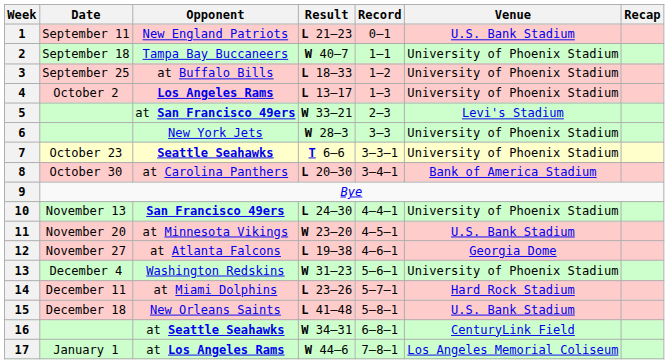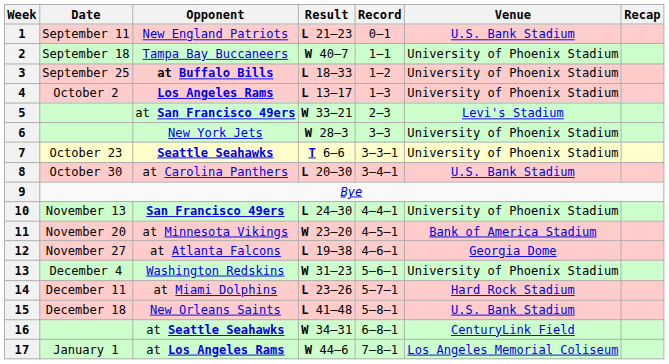 <table class="wikitable" style="text-align:center">
 <tr>
 <th>Week</th>
 <th>Date</th>
 <th>Opponent</th>
 <th>Result</th>
 <th>Record</th>
 <th>Venue</th>
 <th>Recap</th>
 </tr>
 <tr style="background:#fcc">
 <th>1</th>
 <td>September 11</td>
 <td><a href='#'>New England Patriots</a></td>
 <td><strong>L</strong> 21–23</td>
 <td>0–1</td>
 <td><a href='#'>U.S. Bank Stadium</a></td>
 <td></td>
 </tr>
 <tr style="background:#cfc">
 <th>2</th>
 <td>September 18</td>
 <td><a href='#'>Tampa Bay Buccaneers</a></td>
 <td><strong>W</strong> 40–7</td>
 <td>1–1</td>
 <td>University of Phoenix Stadium</td>
 <td></td>
 </tr>
 <tr style="background:#fcc">
 <th>3</th>
 <td>September 25</td>
-<td>at <a href='#'>Buffalo Bills</a></td>
+<td><strong>at <a href='#'>Buffalo Bills</a></strong></td>
 <td><strong>L</strong> 18–33</td>
 <td>1–2</td>
 <td>University of Phoenix Stadium</td>
 <td></td>
 </tr>
 <tr style="background:#fcc">
 <th>4</th>
 <td>October 2</td>
 <td><strong><a href='#'>Los Angeles Rams</a></strong></td>
 <td><strong>L</strong> 13–17</td>
 <td>1–3</td>
 <td>University of Phoenix Stadium</td>
 <td></td>
 </tr>
 <tr style="background:#cfc">
 <th>5</th>
 <td></td>
 <td>at <strong><a href='#'>San Francisco 49ers</a></strong></td>
 <td><strong>W</strong> 33–21</td>
 <td>2–3</td>
 <td><a href='#'>Levi's Stadium</a></td>
 <td></td>
 </tr>
 <tr style="background:#cfc">
 <th>6</th>
 <td></td>
 <td><a href='#'>New York Jets</a></td>
 <td><strong>W</strong> 28–3</td>
 <td>3–3</td>
 <td>University of Phoenix Stadium</td>
 <td></td>
 </tr>
 <tr style="background:#ffc">
 <th>7</th>
 <td>October 23</td>
 <td><strong><a href='#'>Seattle Seahawks</a></strong></td>
 <td><strong><a href='#'>T</a></strong> 6–6 </td>
 <td>3–3–1</td>
 <td>University of Phoenix Stadium</td>
 <td></td>
 </tr>
 <tr style="background:#fcc">
 <th>8</th>
 <td>October 30</td>
 <td>at <a href='#'>Carolina Panthers</a></td>
 <td><strong>L</strong> 20–30</td>
 <td>3–4–1</td>
-<td><a href='#'>Bank of America Stadium</a></td>
+<td><a href='#'>U.S. Bank Stadium</a></td>
 <td></td>
 </tr>
 <tr>
 <th>9</th>
 <td colspan=6><em><a href='#'>Bye</a></em></td>
 </tr>
 <tr style="background:#cfc">
 <th>10</th>
 <td>November 13</td>
 <td><strong><a href='#'>San Francisco 49ers</a></strong></td>
 <td><strong>L</strong> 24–30</td>
 <td>4–4–1</td>
 <td>University of Phoenix Stadium</td>
 <td></td>
 </tr>
 <tr style="background:#fcc">
 <th>11</th>
 <td>November 20</td>
 <td>at <a href='#'>Minnesota Vikings</a></td>
 <td><strong>W</strong> 23–20</td>
 <td>4–5–1</td>
-<td><a href='#'>U.S. Bank Stadium</a></td>
+<td><a href='#'>Bank of America Stadium</a></td>
 <td></td>
 </tr>
 <tr style="background:#fcc">
 <th>12</th>
 <td>November 27</td>
 <td>at <a href='#'>Atlanta Falcons</a></td>
 <td><strong>L</strong> 19–38</td>
 <td>4–6–1</td>
 <td><a href='#'>Georgia Dome</a></td>
 <td></td>
 </tr>
 <tr style="background:#cfc">
 <th>13</th>
 <td>December 4</td>
 <td><a href='#'>Washington Redskins</a></td>
 <td><strong>W</strong> 31–23</td>
 <td>5–6–1</td>
 <td>University of Phoenix Stadium</td>
 <td></td>
 </tr>
 <tr style="background:#fcc">
 <th>14</th>
 <td>December 11</td>
 <td>at <a href='#'>Miami Dolphins</a></td>
 <td><strong>L</strong> 23–26</td>
 <td>5–7–1</td>
 <td><a href='#'>Hard Rock Stadium</a></td>
 <td></td>
 </tr>
 <tr style="background:#fcc">
 <th>15</th>
 <td>December 18</td>
 <td><a href='#'>New Orleans Saints</a></td>
 <td><strong>L</strong> 41–48</td>
 <td>5–8–1</td>
 <td><a href='#'>U.S. Bank Stadium</a></td>
 <td></td>
 </tr>
 <tr style="background:#cfc">
 <th>16</th>
 <td></td>
 <td>at <strong><a href='#'>Seattle Seahawks</a></strong></td>
 <td><strong>W</strong> 34–31</td>
 <td>6–8–1</td>
 <td><a href='#'>CenturyLink Field</a></td>
 <td></td>
 </tr>
 <tr style="background:#cfc">
 <th>17</th>
 <td>January 1</td>
 <td>at <strong><a href='#'>Los Angeles Rams</a></strong></td>
 <td><strong>W</strong> 44–6</td>
 <td>7–8–1</td>
 <td><a href='#'>Los Angeles Memorial Coliseum</a></td>
 <td></td>
 </tr>
 </table>
